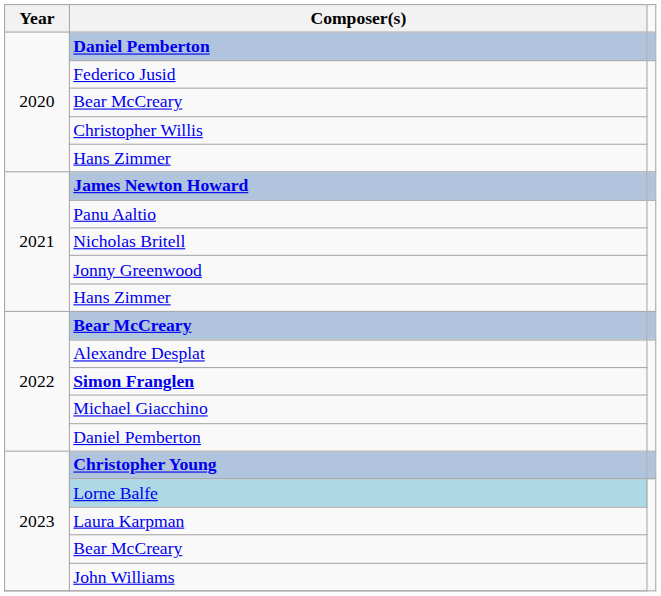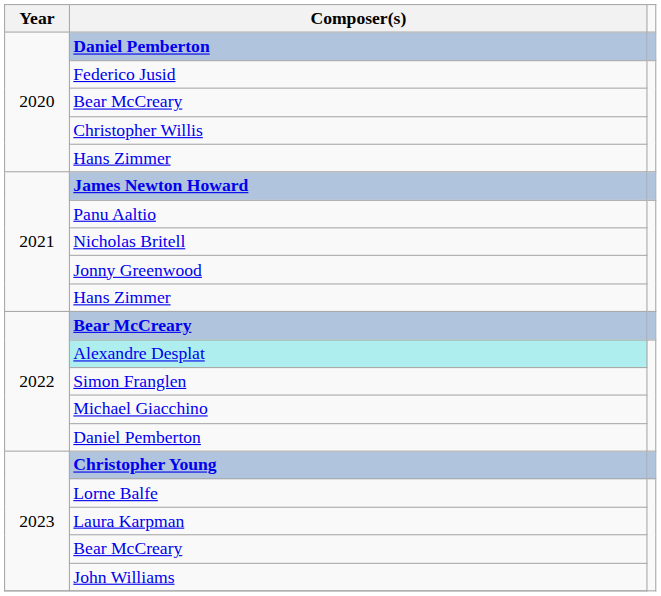 <table class="wikitable" width="95%" cellpadding="5">
 <tr>
 <th width="10%">Year</th>
 <th width="90%">Composer(s)</th>
 </tr>
 <tr>
 <td rowspan="5" style="text-align:center;">2020<br></td>
 <td style="background:#B0C4DE;"><strong><a href='#'>Daniel Pemberton</a></strong></td>
 <td style="background:#B0C4DE;"></td>
 </tr>
 <tr>
 <td><a href='#'>Federico Jusid</a></td>
 </tr>
 <tr>
 <td><a href='#'>Bear McCreary</a></td>
 </tr>
 <tr>
 <td><a href='#'>Christopher Willis</a></td>
 </tr>
 <tr>
 <td><a href='#'>Hans Zimmer</a></td>
 </tr>
 <tr>
 <td rowspan="5" style="text-align:center;">2021<br></td>
 <td style="background:#B0C4DE;"><strong><a href='#'>James Newton Howard</a></strong></td>
 <td style="background:#B0C4DE;"></td>
 </tr>
 <tr>
 <td><a href='#'>Panu Aaltio</a></td>
 </tr>
 <tr>
 <td><a href='#'>Nicholas Britell</a></td>
 </tr>
 <tr>
 <td><a href='#'>Jonny Greenwood</a></td>
 </tr>
 <tr>
 <td><a href='#'>Hans Zimmer</a></td>
 </tr>
 <tr>
 <td rowspan="5" style="text-align:center;">2022<br></td>
 <td style="background:#B0C4DE;"><strong><a href='#'>Bear McCreary</a></strong></td>
 <td style="background:#B0C4DE;"></td>
 </tr>
 <tr>
-<td><a href='#'>Alexandre Desplat</a></td>
+<td style="background: paleturquoise;"><a href='#'>Alexandre Desplat</a></td>
 </tr>
 <tr>
-<td><strong><a href='#'>Simon Franglen</a></strong></td>
+<td><a href='#'>Simon Franglen</a></td>
 </tr>
 <tr>
 <td><a href='#'>Michael Giacchino</a></td>
 </tr>
 <tr>
 <td><a href='#'>Daniel Pemberton</a></td>
 </tr>
 <tr>
 <td rowspan="5" style="text-align:center;">2023<br></td>
 <td style="background:#B0C4DE;"><strong><a href='#'>Christopher Young</a></strong></td>
 <td style="background:#B0C4DE;"></td>
 </tr>
 <tr>
-<td style="background: lightblue;"><a href='#'>Lorne Balfe</a></td>
+<td><a href='#'>Lorne Balfe</a></td>
 </tr>
 <tr>
 <td><a href='#'>Laura Karpman</a></td>
 </tr>
 <tr>
 <td><a href='#'>Bear McCreary</a></td>
 </tr>
 <tr>
 <td><a href='#'>John Williams</a></td>
 </tr>
 <tr>
 </tr>
 </table>
